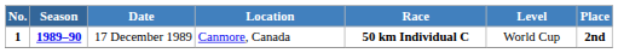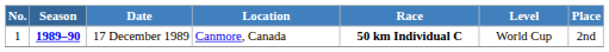 <table class="wikitable sortable" style="font-size:95%; text-align:center; border:grey solid 1px; border-collapse:collapse; background:#ffffff;">
 <tr style="background:#efefef;">
 <th style="background-color:#369; color:white;">No.</th>
 <th style="background-color:#369; color:white;">Season</th>
 <th style="background-color:#4180be; color:white; width:120px;">Date</th>
 <th style="background-color:#4180be; color:white; width:170px;">Location</th>
 <th style="background-color:#4180be; color:white; width:160px;">Race</th>
 <th style="background-color:#4180be; color:white; width:100px;">Level</th>
 <th style="background-color:#4180be; color:white;">Place</th>
 </tr>
 <tr>
-<td align=center><strong>1</strong></td>
+<td align=center>1</td>
 <td rowspan=1 align=center><strong> <a href='#'>1989–90</a> </strong></td>
 <td align=right>17 December 1989</td>
 <td align=left> <a href='#'>Canmore</a>, Canada</td>
 <td><strong>50 km Individual C</strong></td>
 <td>World Cup</td>
-<td><strong>2nd</strong></td>
+<td>2nd</td>
 </tr>
 <tr>
 </tr>
 </table>
